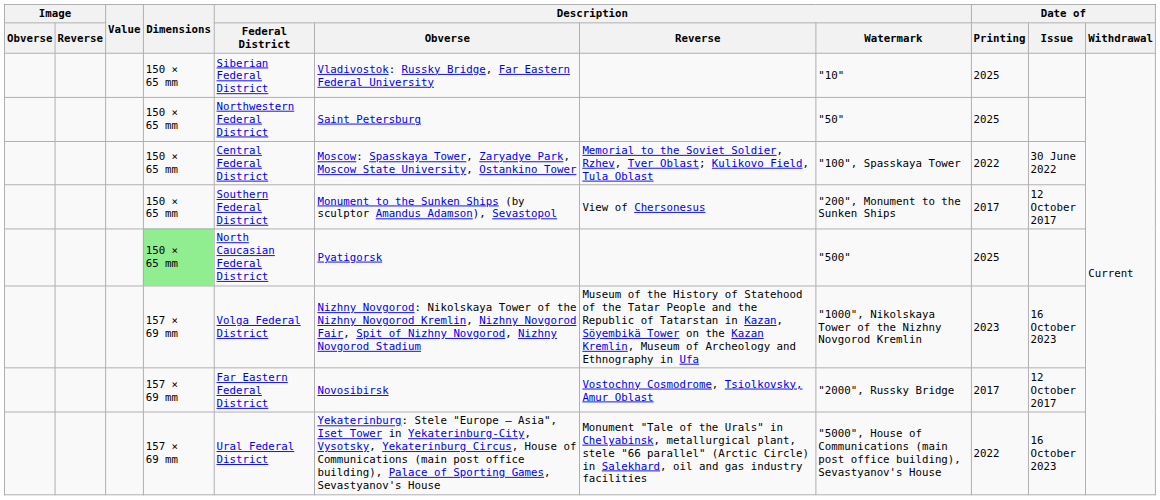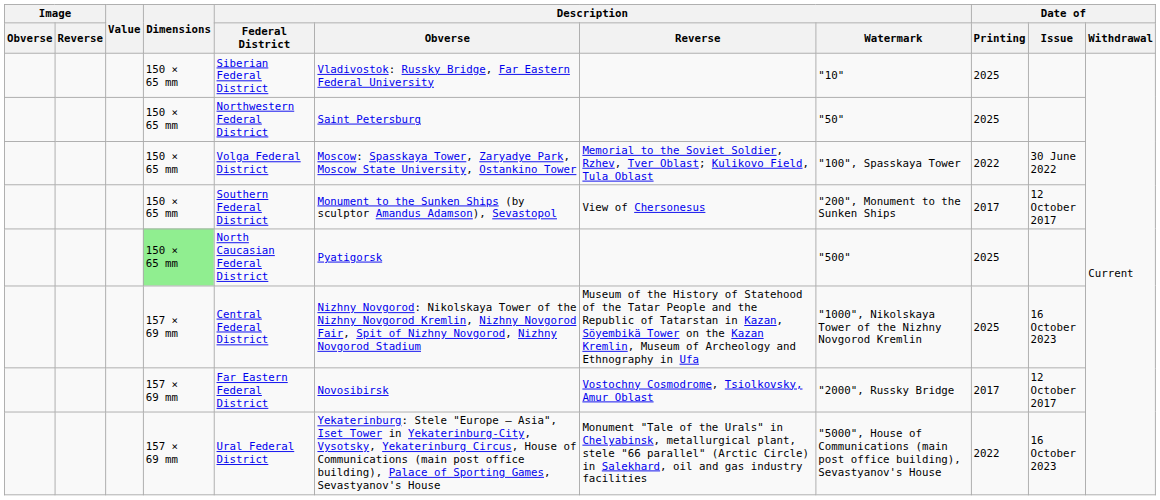 <table class="wikitable" style="font-size: 90%">
 <tr>
 <th colspan="2">Image</th>
 <th rowspan="2">Value</th>
 <th rowspan="2">Dimensions</th>
 <th colspan="4">Description</th>
 <th colspan="3">Date of</th>
 </tr>
 <tr>
 <th>Obverse</th>
 <th>Reverse</th>
 <th>Federal District</th>
 <th>Obverse</th>
 <th>Reverse</th>
 <th>Watermark</th>
 <th>Printing</th>
 <th>Issue</th>
 <th>Withdrawal</th>
 </tr>
 <tr>
 <td style="text-align:center;"></td>
 <td style="text-align:center;"></td>
 <td style="white-space: nowrap;"></td>
 <td>150 × 65 mm</td>
 <td><a href='#'>Siberian Federal District</a></td>
 <td><a href='#'>Vladivostok</a>: <a href='#'>Russky Bridge</a>, <a href='#'>Far Eastern Federal University</a></td>
 <td></td>
 <td>"10"</td>
 <td>2025</td>
 <td></td>
 <td rowspan="8">Current</td>
 </tr>
 <tr>
 <td style="text-align:center;"></td>
 <td style="text-align:center;"></td>
 <td style="white-space: nowrap;"></td>
 <td>150 × 65 mm</td>
 <td><a href='#'>Northwestern Federal District</a></td>
 <td><a href='#'>Saint Petersburg</a></td>
 <td></td>
 <td>"50"</td>
 <td>2025</td>
 <td></td>
 </tr>
 <tr>
 <td style="text-align:center;"></td>
 <td style="text-align:center;"></td>
 <td></td>
 <td>150 × 65 mm</td>
-<td><a href='#'>Central Federal District</a></td>
+<td><a href='#'>Volga Federal District</a></td>
 <td><a href='#'>Moscow</a>: <a href='#'>Spasskaya Tower</a>, <a href='#'>Zaryadye Park</a>, <a href='#'>Moscow State University</a>, <a href='#'>Ostankino Tower</a></td>
 <td><a href='#'>Memorial to the Soviet Soldier</a>, <a href='#'>Rzhev</a>, <a href='#'>Tver Oblast</a>; <a href='#'>Kulikovo Field</a>, <a href='#'>Tula Oblast</a></td>
 <td>"100", Spasskaya Tower</td>
 <td>2022</td>
 <td>30 June 2022</td>
 </tr>
 <tr>
 <td style="text-align:center;"></td>
 <td style="text-align:center;"></td>
 <td style="white-space: nowrap;"></td>
 <td>150 × 65 mm</td>
 <td><a href='#'>Southern Federal District</a></td>
 <td><a href='#'>Monument to the Sunken Ships</a> (by sculptor <a href='#'>Amandus Adamson</a>), <a href='#'>Sevastopol</a></td>
 <td>View of <a href='#'>Chersonesus</a></td>
 <td>"200", Monument to the Sunken Ships</td>
 <td>2017</td>
 <td>12 October 2017</td>
 </tr>
 <tr>
 <td style="text-align:center;"></td>
 <td style="text-align:center;"></td>
 <td style="white-space: nowrap;"></td>
 <td style="background: lightgreen;">150 × 65 mm</td>
 <td><a href='#'>North Caucasian Federal District</a></td>
 <td><a href='#'>Pyatigorsk</a></td>
 <td></td>
 <td>"500"</td>
 <td>2025</td>
 <td></td>
 </tr>
 <tr>
 <td style="text-align:center;"></td>
 <td style="text-align:center;"></td>
 <td style="white-space: nowrap;"></td>
 <td>157 × 69 mm</td>
-<td><a href='#'>Volga Federal District</a></td>
+<td><a href='#'>Central Federal District</a></td>
 <td><a href='#'>Nizhny Novgorod</a>: Nikolskaya Tower of the <a href='#'>Nizhny Novgorod Kremlin</a>, <a href='#'>Nizhny Novgorod Fair</a>, <a href='#'>Spit of Nizhny Novgorod</a>, <a href='#'>Nizhny Novgorod Stadium</a></td>
 <td>Museum of the History of Statehood of the Tatar People and the Republic of Tatarstan in <a href='#'>Kazan</a>, <a href='#'>Söyembikä Tower</a> on the <a href='#'>Kazan Kremlin</a>, Museum of Archeology and Ethnography in <a href='#'>Ufa</a></td>
 <td>"1000", Nikolskaya Tower of the Nizhny Novgorod Kremlin</td>
-<td>2023</td>
+<td>2025</td>
 <td>16 October 2023</td>
 </tr>
 <tr>
 <td style="text-align:center;"></td>
 <td style="text-align:center;"></td>
 <td style="white-space: nowrap;"></td>
 <td>157 × 69 mm</td>
 <td><a href='#'>Far Eastern Federal District</a></td>
 <td><a href='#'>Novosibirsk</a></td>
 <td><a href='#'>Vostochny Cosmodrome</a>, <a href='#'>Tsiolkovsky, Amur Oblast</a></td>
 <td>"2000", Russky Bridge</td>
 <td>2017</td>
 <td>12 October 2017</td>
 </tr>
 <tr>
 <td style="text-align:center;"></td>
 <td style="text-align:center;;"></td>
 <td style="white-space: nowrap;"></td>
 <td>157 × 69 mm</td>
 <td><a href='#'>Ural Federal District</a></td>
 <td><a href='#'>Yekaterinburg</a>: Stele "Europe – Asia", <a href='#'>Iset Tower</a> in <a href='#'>Yekaterinburg-City</a>, <a href='#'>Vysotsky</a>, <a href='#'>Yekaterinburg Circus</a>, House of Communications (main post office building), <a href='#'>Palace of Sporting Games</a>, Sevastyanov's House</td>
 <td>Monument "Tale of the Urals" in <a href='#'>Chelyabinsk</a>, metallurgical plant, stele "66 parallel" (Arctic Circle) in <a href='#'>Salekhard</a>, oil and gas industry facilities</td>
 <td>"5000", House of Communications (main post office building), Sevastyanov's House</td>
 <td>2022</td>
 <td>16 October 2023</td>
 </tr>
 </table>
